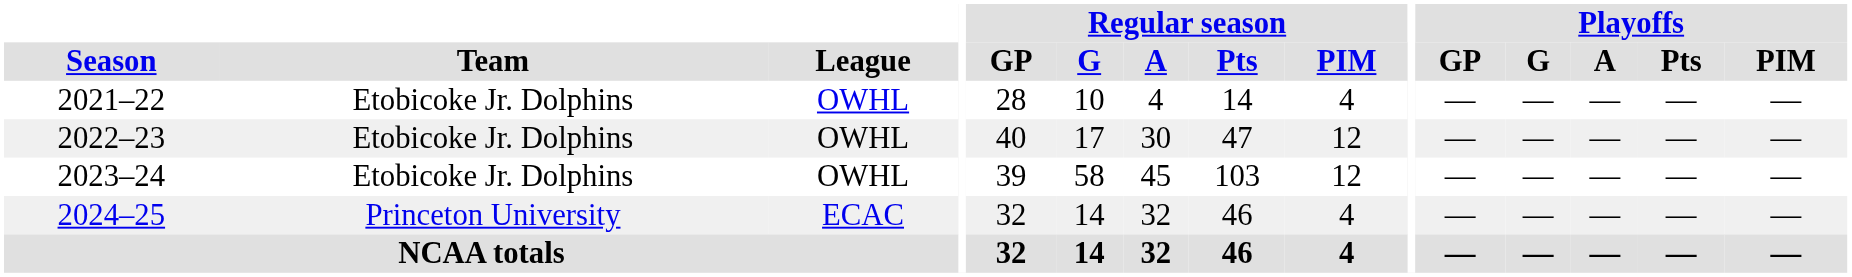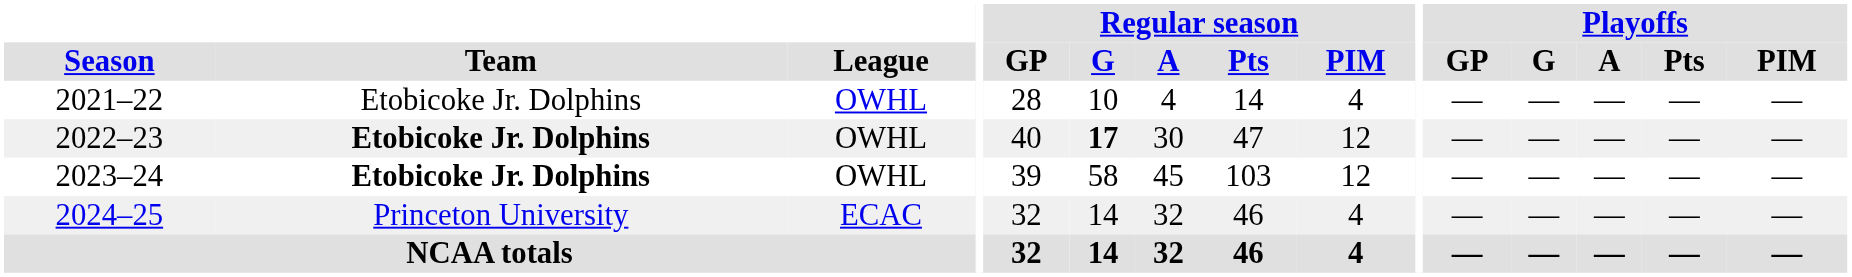 <table border="0" cellpadding="1" cellspacing="0" style="text-align:center; width:60em">
 <tr bgcolor="#e0e0e0">
 <th colspan="3" bgcolor="#ffffff"></th>
 <th rowspan="97" bgcolor="#ffffff"></th>
 <th colspan="5"><a href='#'>Regular season</a></th>
 <th rowspan="97" bgcolor="#ffffff"></th>
 <th colspan="5"><a href='#'>Playoffs</a></th>
 </tr>
 <tr bgcolor="#e0e0e0">
 <th><a href='#'>Season</a></th>
 <th>Team</th>
 <th>League</th>
 <th>GP</th>
 <th><a href='#'>G</a></th>
 <th><a href='#'>A</a></th>
 <th><a href='#'>Pts</a></th>
 <th><a href='#'>PIM</a></th>
 <th>GP</th>
 <th>G</th>
 <th>A</th>
 <th>Pts</th>
 <th>PIM</th>
 </tr>
 <tr>
 <td>2021–22</td>
 <td>Etobicoke Jr. Dolphins</td>
 <td><a href='#'>OWHL</a></td>
 <td>28</td>
 <td>10</td>
 <td>4</td>
 <td>14</td>
 <td>4</td>
 <td>—</td>
 <td>—</td>
 <td>—</td>
 <td>—</td>
 <td>—</td>
 </tr>
 <tr bgcolor="#f0f0f0">
 <td>2022–23</td>
-<td>Etobicoke Jr. Dolphins</td>
+<td><strong>Etobicoke Jr. Dolphins</strong></td>
 <td>OWHL</td>
 <td>40</td>
-<td>17</td>
+<td><strong>17</strong></td>
 <td>30</td>
 <td>47</td>
 <td>12</td>
 <td>—</td>
 <td>—</td>
 <td>—</td>
 <td>—</td>
 <td>—</td>
 </tr>
 <tr>
 <td>2023–24</td>
-<td>Etobicoke Jr. Dolphins</td>
+<td><strong>Etobicoke Jr. Dolphins</strong></td>
 <td>OWHL</td>
 <td>39</td>
 <td>58</td>
 <td>45</td>
 <td>103</td>
 <td>12</td>
 <td>—</td>
 <td>—</td>
 <td>—</td>
 <td>—</td>
 <td>—</td>
 </tr>
 <tr bgcolor="#f0f0f0">
 <td><a href='#'>2024–25</a></td>
 <td><a href='#'>Princeton University</a></td>
 <td><a href='#'>ECAC</a></td>
 <td>32</td>
 <td>14</td>
 <td>32</td>
 <td>46</td>
 <td>4</td>
 <td>—</td>
 <td>—</td>
 <td>—</td>
 <td>—</td>
 <td>—</td>
 </tr>
 <tr bgcolor="#e0e0e0">
 <th colspan="3">NCAA totals</th>
 <th>32</th>
 <th>14</th>
 <th>32</th>
 <th>46</th>
 <th>4</th>
 <th>—</th>
 <th>—</th>
 <th>—</th>
 <th>—</th>
 <th>—</th>
 </tr>
 </table>
